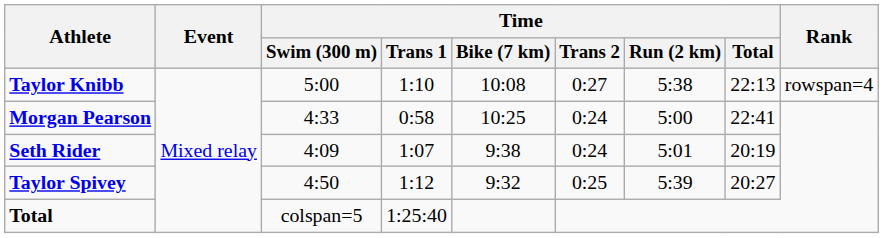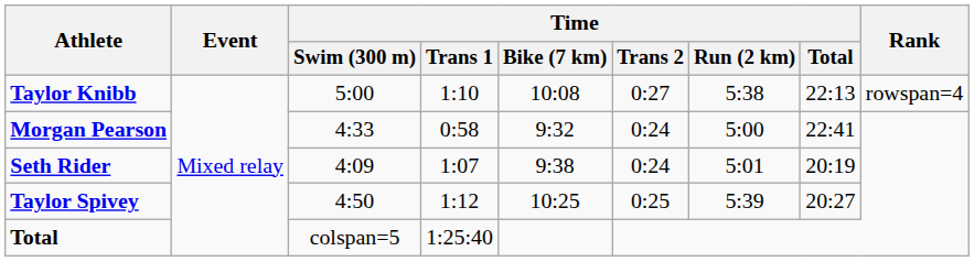 <table class=wikitable style=font-size:90%;text-align:center>
 <tr>
 <th rowspan=2>Athlete</th>
 <th rowspan=2>Event</th>
 <th colspan=6>Time</th>
 <th rowspan=2>Rank</th>
 </tr>
 <tr style=font-size:95%>
 <th>Swim (300 m)</th>
 <th>Trans 1</th>
 <th>Bike (7 km)</th>
 <th>Trans 2</th>
 <th>Run (2 km)</th>
 <th>Total</th>
 </tr>
 <tr>
 <td align=left><strong><a href='#'>Taylor Knibb</a></strong></td>
 <td align=left rowspan=5><a href='#'>Mixed relay</a></td>
 <td>5:00</td>
 <td>1:10</td>
 <td>10:08</td>
 <td>0:27</td>
 <td>5:38</td>
 <td>22:13</td>
 <td>rowspan=4 </td>
 </tr>
 <tr>
 <td align=left><strong><a href='#'>Morgan Pearson</a></strong></td>
 <td>4:33</td>
 <td>0:58</td>
-<td>10:25</td>
+<td>9:32</td>
 <td>0:24</td>
 <td>5:00</td>
 <td>22:41</td>
 </tr>
 <tr>
 <td align=left><strong><a href='#'>Seth Rider</a></strong></td>
 <td>4:09</td>
 <td>1:07</td>
 <td>9:38</td>
 <td>0:24</td>
 <td>5:01</td>
 <td>20:19</td>
 </tr>
 <tr>
 <td align=left><strong><a href='#'>Taylor Spivey</a></strong></td>
 <td>4:50</td>
 <td>1:12</td>
-<td>9:32</td>
+<td>10:25</td>
 <td>0:25</td>
 <td>5:39</td>
 <td>20:27</td>
 </tr>
 <tr>
 <td align=left><strong>Total</strong></td>
 <td>colspan=5 </td>
 <td>1:25:40</td>
 <td></td>
 </tr>
 </table>
